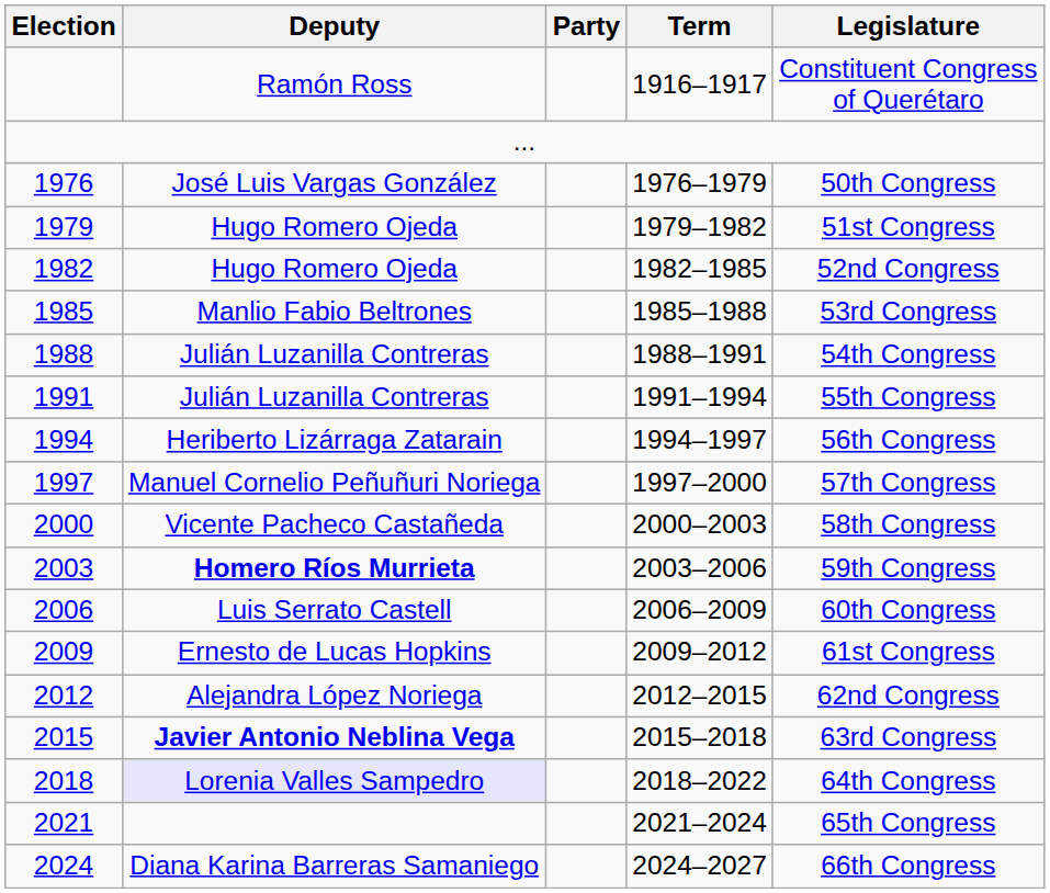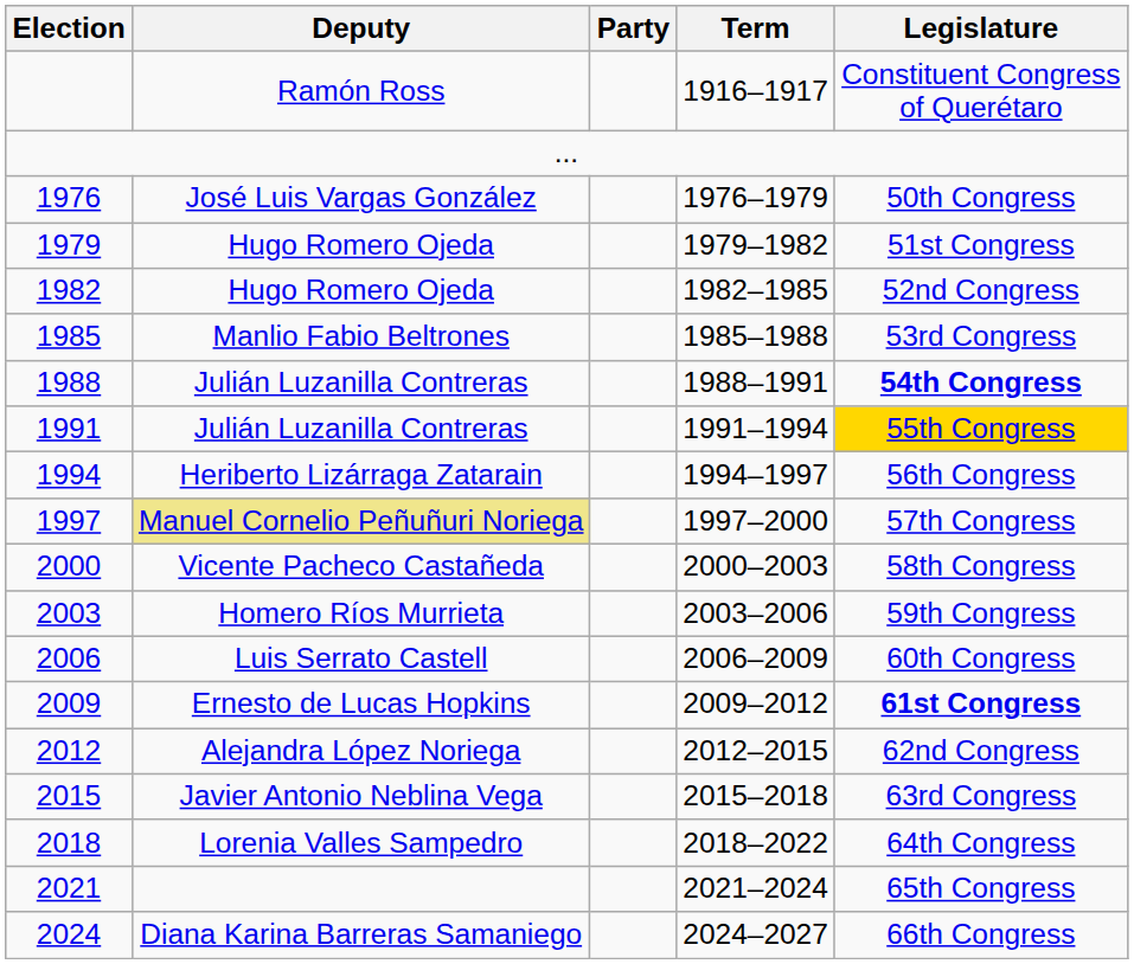 <table class="wikitable sortable" style="text-align: center">
 <tr>
 <th>Election</th>
 <th class="unsortable">Deputy</th>
 <th class="unsortable">Party</th>
 <th class="unsortable">Term</th>
 <th class="unsortable">Legislature</th>
 </tr>
 <tr>
 <td></td>
 <td><a href='#'>Ramón Ross</a></td>
 <td></td>
 <td>1916–1917</td>
 <td><a href='#'>Constituent Congress<br>of Querétaro</a></td>
 </tr>
 <tr>
 <td colspan=5>...</td>
 </tr>
 <tr>
 <td><a href='#'>1976</a></td>
 <td><a href='#'>José Luis Vargas González</a></td>
 <td></td>
 <td>1976–1979</td>
 <td><a href='#'>50th Congress</a></td>
 </tr>
 <tr>
 <td><a href='#'>1979</a></td>
 <td><a href='#'>Hugo Romero Ojeda</a></td>
 <td></td>
 <td>1979–1982</td>
 <td><a href='#'>51st Congress</a></td>
 </tr>
 <tr>
 <td><a href='#'>1982</a></td>
 <td><a href='#'>Hugo Romero Ojeda</a></td>
 <td></td>
 <td>1982–1985</td>
 <td><a href='#'>52nd Congress</a></td>
 </tr>
 <tr>
 <td><a href='#'>1985</a></td>
 <td><a href='#'>Manlio Fabio Beltrones</a></td>
 <td></td>
 <td>1985–1988</td>
 <td><a href='#'>53rd Congress</a></td>
 </tr>
 <tr>
 <td><a href='#'>1988</a></td>
 <td><a href='#'>Julián Luzanilla Contreras</a></td>
 <td></td>
 <td>1988–1991</td>
-<td><a href='#'>54th Congress</a></td>
+<td><strong><a href='#'>54th Congress</a></strong></td>
 </tr>
 <tr>
 <td><a href='#'>1991</a></td>
 <td><a href='#'>Julián Luzanilla Contreras</a></td>
 <td></td>
 <td>1991–1994</td>
-<td><a href='#'>55th Congress</a></td>
+<td style="background: gold;"><a href='#'>55th Congress</a></td>
 </tr>
 <tr>
 <td><a href='#'>1994</a></td>
 <td><a href='#'>Heriberto Lizárraga Zatarain</a></td>
 <td></td>
 <td>1994–1997</td>
 <td><a href='#'>56th Congress</a></td>
 </tr>
 <tr>
 <td><a href='#'>1997</a></td>
-<td><a href='#'>Manuel Cornelio Peñuñuri Noriega</a></td>
+<td style="background: khaki;"><a href='#'>Manuel Cornelio Peñuñuri Noriega</a></td>
 <td></td>
 <td>1997–2000</td>
 <td><a href='#'>57th Congress</a></td>
 </tr>
 <tr>
 <td><a href='#'>2000</a></td>
 <td><a href='#'>Vicente Pacheco Castañeda</a></td>
 <td></td>
 <td>2000–2003</td>
 <td><a href='#'>58th Congress</a></td>
 </tr>
 <tr>
 <td><a href='#'>2003</a></td>
-<td><strong><a href='#'>Homero Ríos Murrieta</a></strong></td>
+<td><a href='#'>Homero Ríos Murrieta</a></td>
 <td></td>
 <td>2003–2006</td>
 <td><a href='#'>59th Congress</a></td>
 </tr>
 <tr>
 <td><a href='#'>2006</a></td>
 <td><a href='#'>Luis Serrato Castell</a></td>
 <td></td>
 <td>2006–2009</td>
 <td><a href='#'>60th Congress</a></td>
 </tr>
 <tr>
 <td><a href='#'>2009</a></td>
 <td><a href='#'>Ernesto de Lucas Hopkins</a></td>
 <td></td>
 <td>2009–2012</td>
-<td><a href='#'>61st Congress</a></td>
+<td><strong><a href='#'>61st Congress</a></strong></td>
 </tr>
 <tr>
 <td><a href='#'>2012</a></td>
 <td><a href='#'>Alejandra López Noriega</a></td>
 <td></td>
 <td>2012–2015</td>
 <td><a href='#'>62nd Congress</a></td>
 </tr>
 <tr>
 <td><a href='#'>2015</a></td>
-<td><strong><a href='#'>Javier Antonio Neblina Vega</a></strong></td>
+<td><a href='#'>Javier Antonio Neblina Vega</a></td>
 <td></td>
 <td>2015–2018</td>
 <td><a href='#'>63rd Congress</a></td>
 </tr>
 <tr>
 <td><a href='#'>2018</a></td>
-<td style="background: lavender;"><a href='#'>Lorenia Valles Sampedro</a></td>
+<td><a href='#'>Lorenia Valles Sampedro</a></td>
 <td></td>
 <td>2018–2022</td>
 <td><a href='#'>64th Congress</a></td>
 </tr>
 <tr>
 <td><a href='#'>2021</a></td>
 <td></td>
 <td></td>
 <td>2021–2024</td>
 <td><a href='#'>65th Congress</a></td>
 </tr>
 <tr>
 <td><a href='#'>2024</a></td>
 <td><a href='#'>Diana Karina Barreras Samaniego</a></td>
 <td></td>
 <td>2024–2027</td>
 <td><a href='#'>66th Congress</a></td>
 </tr>
 </table>
